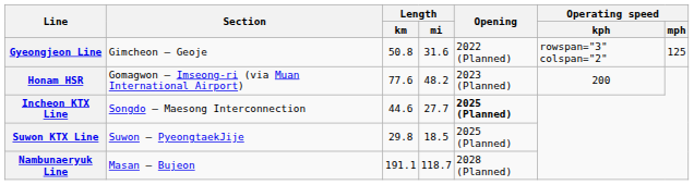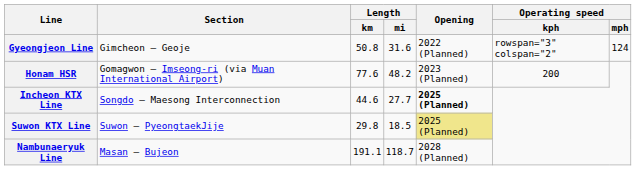 <table class="wikitable plainrowheaders">
 <tr>
 <th scope="col" rowspan="2">Line</th>
 <th scope="col" rowspan="2">Section</th>
 <th scope="col" colspan="2">Length</th>
 <th scope="col" rowspan="2">Opening</th>
 <th scope="col" colspan="2">Operating speed</th>
 </tr>
 <tr>
 <th scope="col">km</th>
 <th scope="col">mi</th>
 <th scope="col">kph</th>
 <th scope="col">mph</th>
 </tr>
 <tr>
 <th scope="row"><strong><a href='#'>Gyeongjeon Line</a></strong></th>
 <td>Gimcheon – Geoje</td>
 <td style="text-align:center">50.8</td>
 <td style="text-align:center">31.6</td>
 <td>2022 (Planned)</td>
 <td>rowspan="3" colspan="2" </td>
-<td style="text-align:center">125</td>
+<td style="text-align:center">124</td>
 </tr>
 <tr>
 <th scope="row"><strong><a href='#'>Honam HSR</a></strong></th>
 <td>Gomagwon – <a href='#'>Imseong-ri</a> (via <a href='#'>Muan International Airport</a>)</td>
 <td style="text-align:center">77.6</td>
 <td style="text-align:center">48.2</td>
 <td>2023 (Planned)</td>
 <td style="text-align:center">200</td>
 </tr>
 <tr>
 <th scope="row"><strong><a href='#'>Incheon KTX Line</a></strong></th>
 <td><a href='#'>Songdo</a> – Maesong Interconnection</td>
 <td style="text-align:center">44.6</td>
 <td style="text-align:center">27.7</td>
 <td><strong>2025 (Planned)</strong></td>
 </tr>
 <tr>
 <th scope="row"><strong><a href='#'>Suwon KTX Line</a></strong></th>
 <td><a href='#'>Suwon</a> – <a href='#'>PyeongtaekJije</a></td>
 <td style="text-align:center">29.8</td>
 <td style="text-align:center">18.5</td>
-<td>2025 (Planned)</td>
+<td style="background: khaki;">2025 (Planned)</td>
 </tr>
 <tr>
 <th scope="row"><strong><a href='#'>Nambunaeryuk Line</a></strong></th>
 <td><a href='#'>Masan</a> – <a href='#'>Bujeon</a></td>
 <td style="text-align:center">191.1</td>
 <td style="text-align:center">118.7</td>
 <td>2028 (Planned)</td>
 </tr>
 </table>
